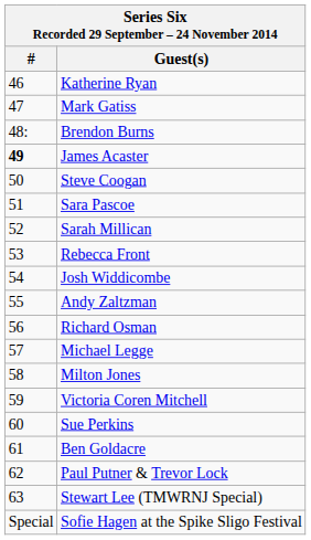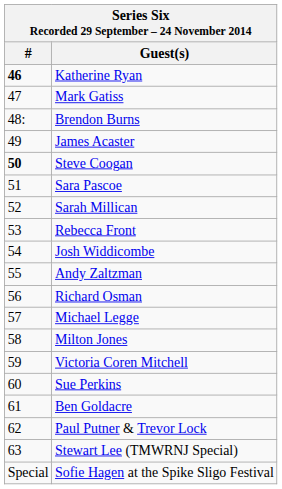 <table class="wikitable">
 <tr>
 <th colspan="3">Series Six<br><small>Recorded 29 September – 24 November 2014</small></th>
 </tr>
 <tr>
 <th>#</th>
 <th>Guest(s)</th>
 </tr>
 <tr>
-<td>46</td>
+<td><strong>46</strong></td>
 <td><a href='#'>Katherine Ryan</a></td>
 </tr>
 <tr>
 <td>47</td>
 <td><a href='#'>Mark Gatiss</a></td>
 </tr>
 <tr>
 <td>48:</td>
 <td><a href='#'>Brendon Burns</a></td>
 </tr>
 <tr>
-<td><strong>49</strong></td>
+<td>49</td>
 <td><a href='#'>James Acaster</a></td>
 </tr>
 <tr>
-<td>50</td>
+<td><strong>50</strong></td>
 <td><a href='#'>Steve Coogan</a></td>
 </tr>
 <tr>
 <td>51</td>
 <td><a href='#'>Sara Pascoe</a></td>
 </tr>
 <tr>
 <td>52</td>
 <td><a href='#'>Sarah Millican</a></td>
 </tr>
 <tr>
 <td>53</td>
 <td><a href='#'>Rebecca Front</a></td>
 </tr>
 <tr>
 <td>54</td>
 <td><a href='#'>Josh Widdicombe</a></td>
 </tr>
 <tr>
 <td>55</td>
 <td><a href='#'>Andy Zaltzman</a></td>
 </tr>
 <tr>
 <td>56</td>
 <td><a href='#'>Richard Osman</a></td>
 </tr>
 <tr>
 <td>57</td>
 <td><a href='#'>Michael Legge</a></td>
 </tr>
 <tr>
 <td>58</td>
 <td><a href='#'>Milton Jones</a></td>
 </tr>
 <tr>
 <td>59</td>
 <td><a href='#'>Victoria Coren Mitchell</a></td>
 </tr>
 <tr>
 <td>60</td>
 <td><a href='#'>Sue Perkins</a></td>
 </tr>
 <tr>
 <td>61</td>
 <td><a href='#'>Ben Goldacre</a></td>
 </tr>
 <tr>
 <td>62</td>
 <td><a href='#'>Paul Putner</a> & <a href='#'>Trevor Lock</a></td>
 </tr>
 <tr>
 <td>63</td>
 <td><a href='#'>Stewart Lee</a> (TMWRNJ Special)</td>
 </tr>
 <tr>
 <td>Special</td>
 <td><a href='#'>Sofie Hagen</a> at the Spike Sligo Festival</td>
 </tr>
 </table>
